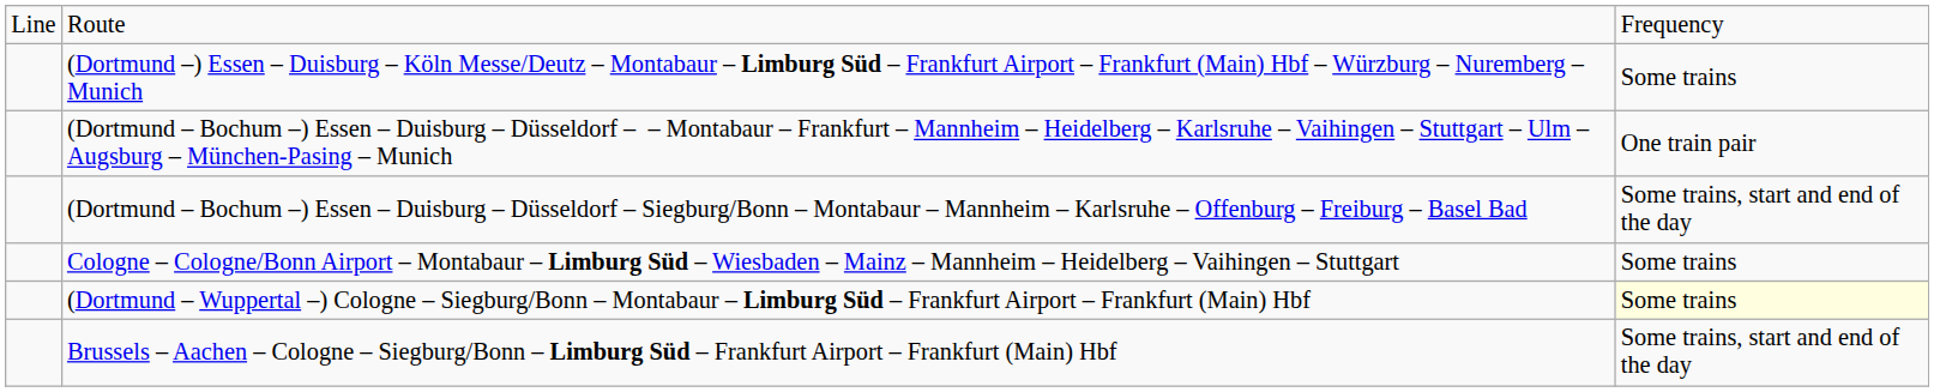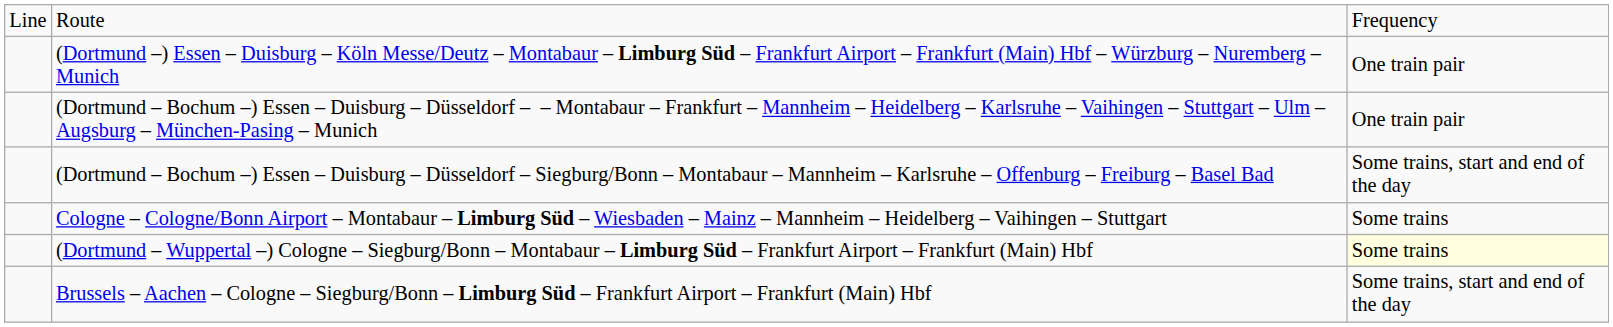 <table class="wikitable" width="100%">
 <tr>
 <td>Line</td>
 <td>Route</td>
 <td>Frequency</td>
 </tr>
 <tr>
 <td></td>
 <td>(<a href='#'>Dortmund</a> –) <a href='#'>Essen</a> – <a href='#'>Duisburg</a> – <a href='#'>Köln Messe/Deutz</a> – <a href='#'>Montabaur</a> – <strong>Limburg Süd</strong> – <a href='#'>Frankfurt Airport</a> – <a href='#'>Frankfurt (Main) Hbf</a> – <a href='#'>Würzburg</a> – <a href='#'>Nuremberg</a> – <a href='#'>Munich</a></td>
-<td>Some trains</td>
+<td>One train pair</td>
 </tr>
 <tr>
 <td></td>
 <td>(Dortmund – Bochum –) Essen – Duisburg – Düsseldorf –   – Montabaur –   Frankfurt – <a href='#'>Mannheim</a> – <a href='#'>Heidelberg</a> – <a href='#'>Karlsruhe</a> – <a href='#'>Vaihingen</a> – <a href='#'>Stuttgart</a> – <a href='#'>Ulm</a> – <a href='#'>Augsburg</a> – <a href='#'>München-Pasing</a> – Munich</td>
 <td>One train pair</td>
 </tr>
 <tr>
 <td></td>
 <td>(Dortmund – Bochum –) Essen – Duisburg – Düsseldorf –  Siegburg/Bonn – Montabaur –   Mannheim – Karlsruhe – <a href='#'>Offenburg</a> – <a href='#'>Freiburg</a> – <a href='#'>Basel Bad</a></td>
 <td>Some trains, start and end of the day</td>
 </tr>
 <tr>
 <td></td>
 <td><a href='#'>Cologne</a> – <a href='#'>Cologne/Bonn Airport</a> – Montabaur – <strong>Limburg Süd</strong> – <a href='#'>Wiesbaden</a> – <a href='#'>Mainz</a> – Mannheim – Heidelberg – Vaihingen – Stuttgart</td>
 <td>Some trains</td>
 </tr>
 <tr>
 <td></td>
 <td>(<a href='#'>Dortmund</a> – <a href='#'>Wuppertal</a> –) Cologne – Siegburg/Bonn – Montabaur – <strong>Limburg Süd</strong> – Frankfurt Airport – Frankfurt (Main) Hbf</td>
 <td style="background: lightyellow;">Some trains</td>
 </tr>
 <tr>
 <td></td>
 <td><a href='#'>Brussels</a> – <a href='#'>Aachen</a> – Cologne – Siegburg/Bonn – <strong>Limburg Süd</strong> – Frankfurt Airport – Frankfurt (Main) Hbf</td>
 <td>Some trains, start and end of the day</td>
 </tr>
 </table>
